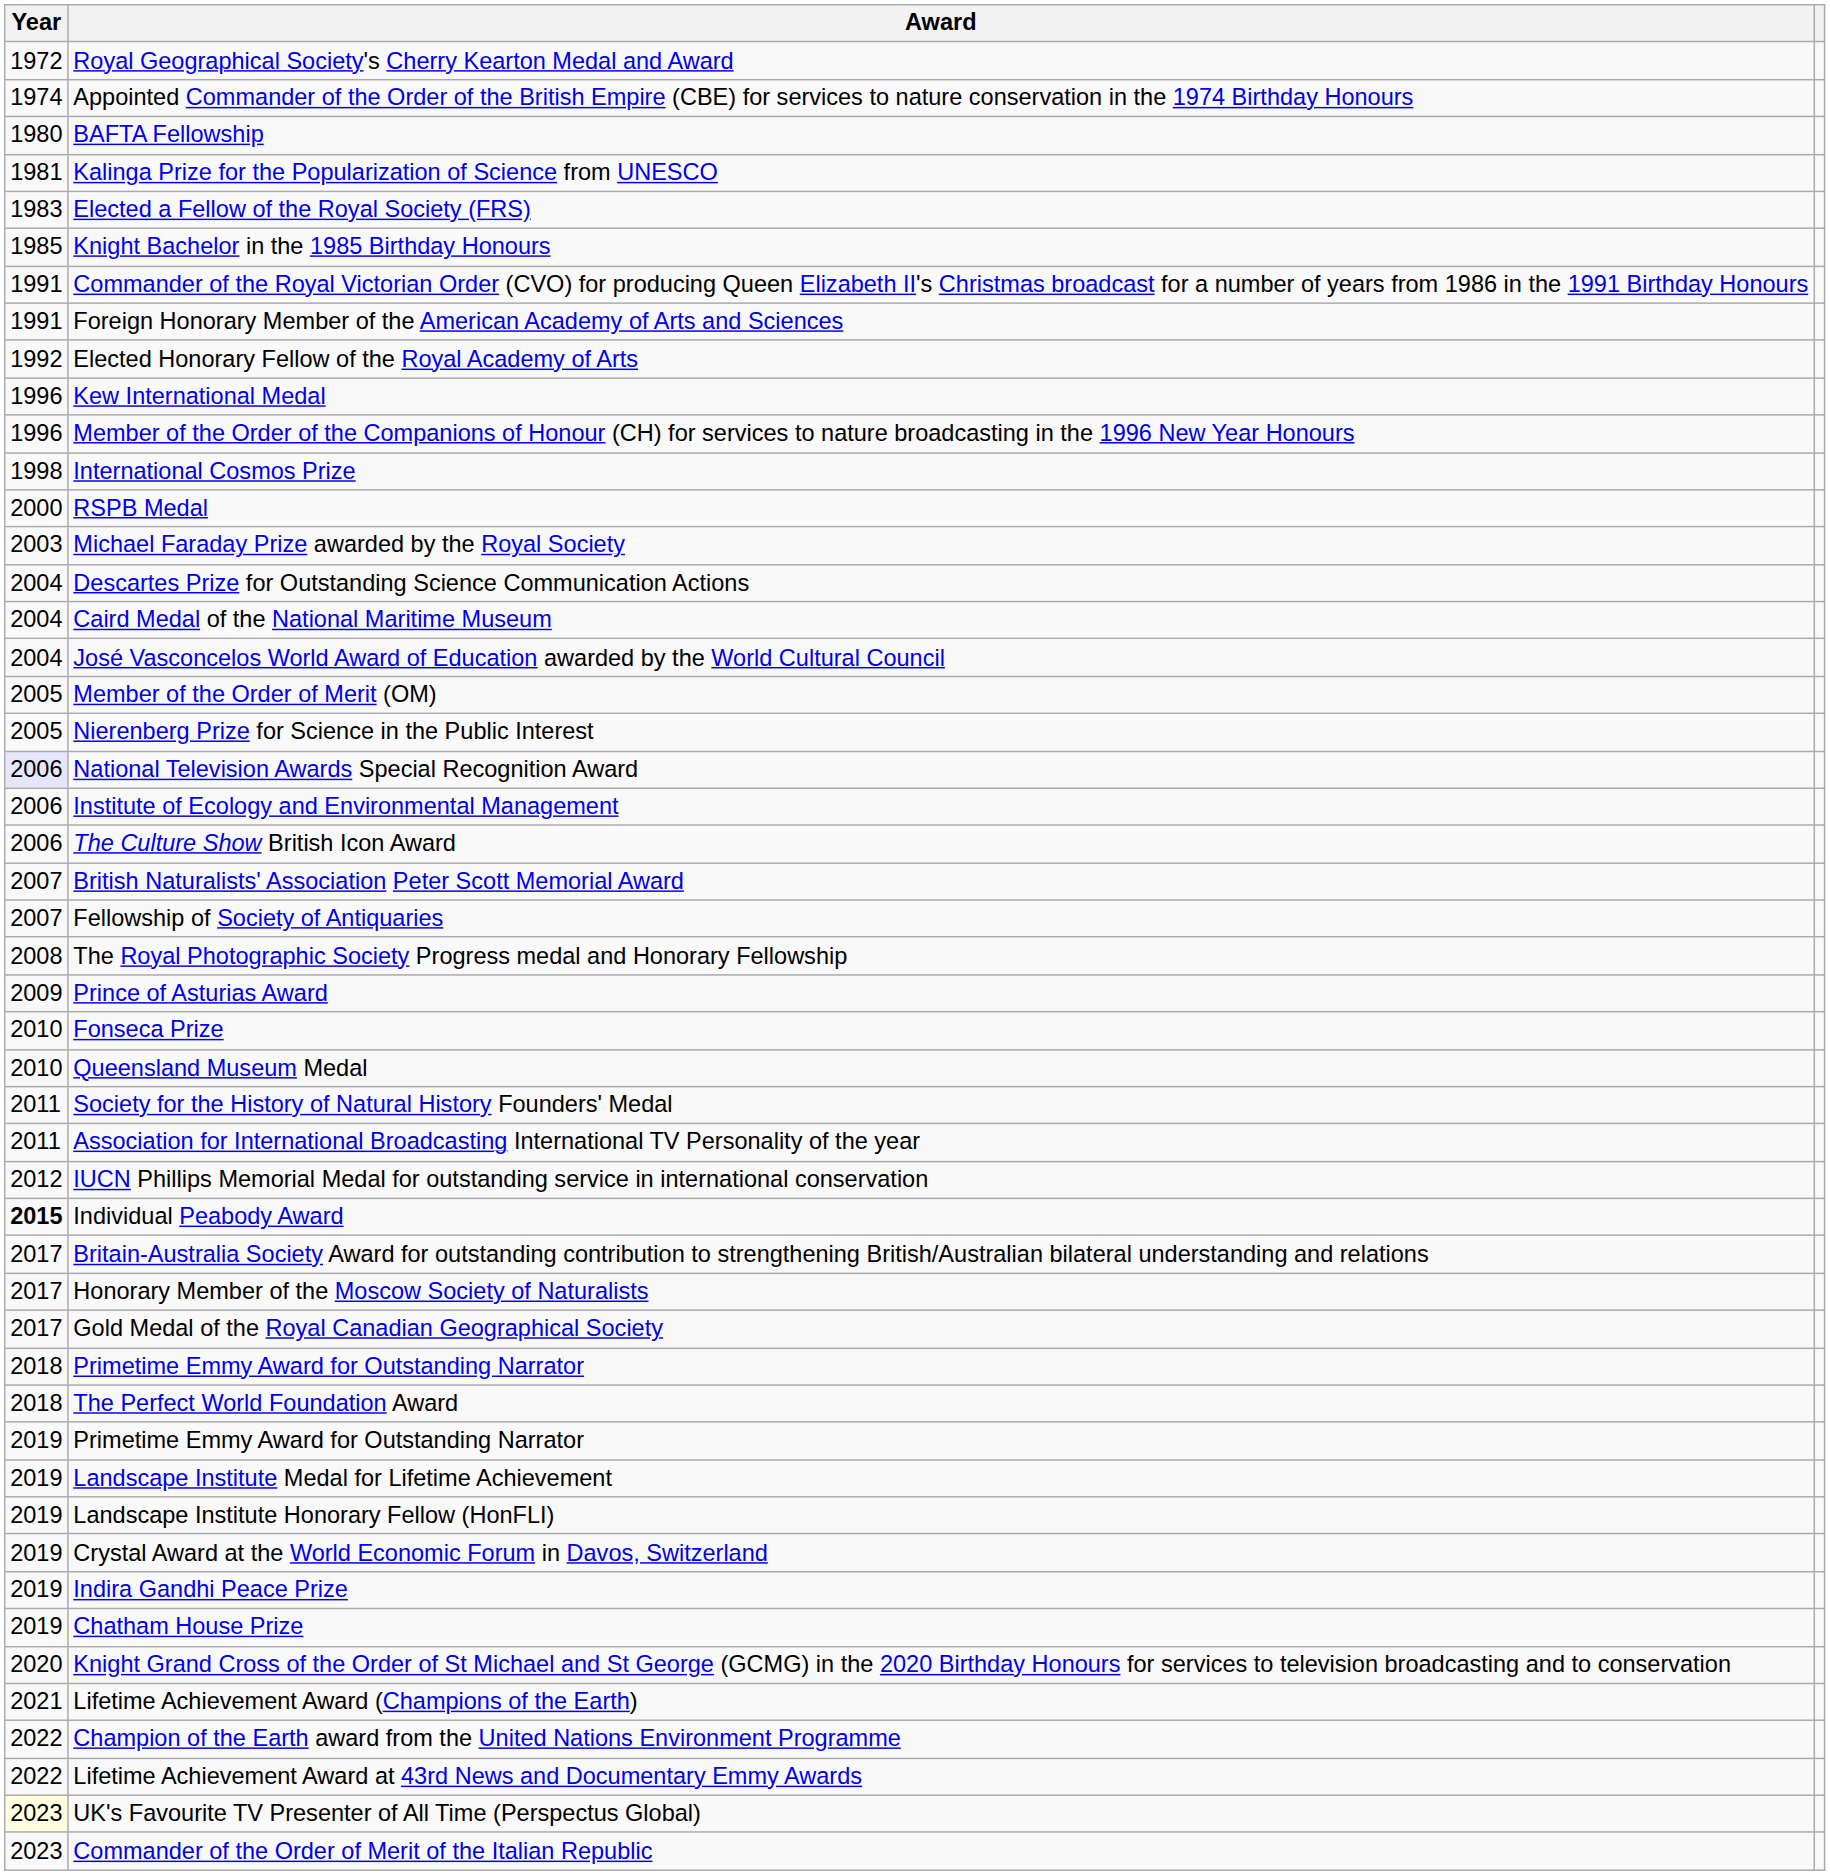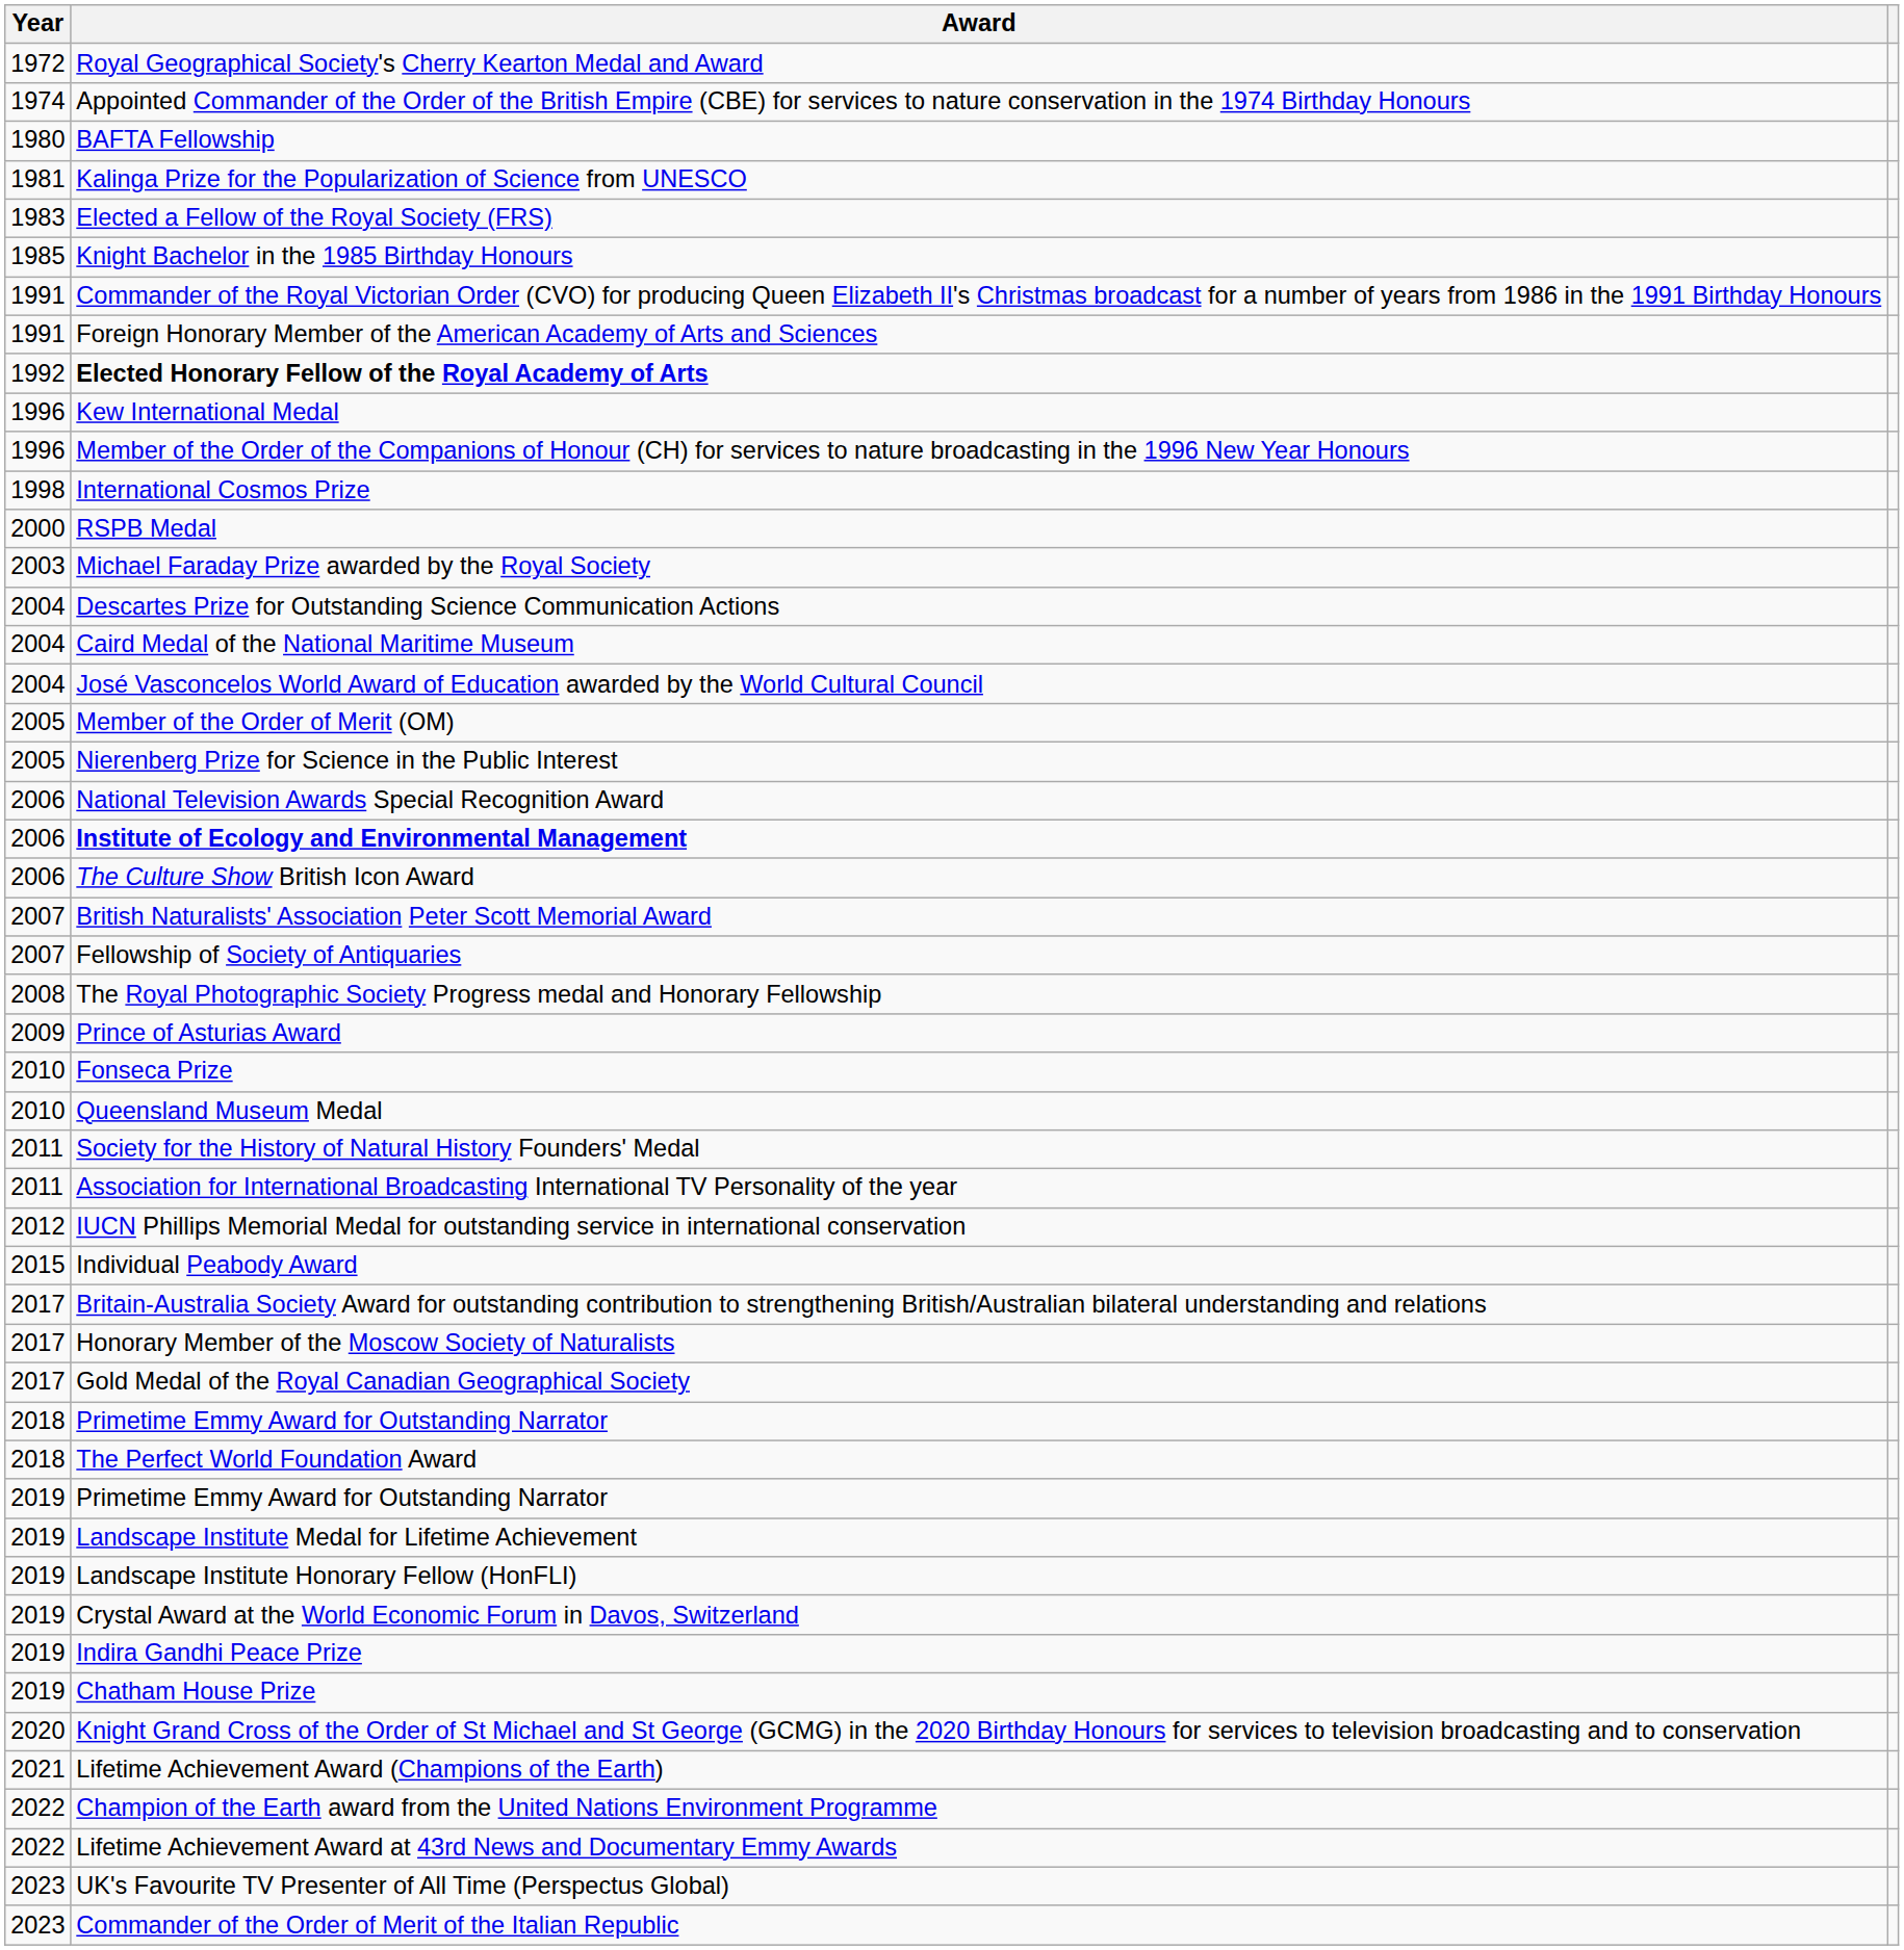 <table class="sortable wikitable">
 <tr>
 <th scope="col">Year</th>
 <th scope="col">Award</th>
 <th scope="col" class="unsortable"></th>
 </tr>
 <tr>
 <td>1972</td>
 <td><a href='#'>Royal Geographical Society</a>'s <a href='#'>Cherry Kearton Medal and Award</a></td>
 <td></td>
 </tr>
 <tr>
 <td>1974</td>
 <td>Appointed <a href='#'>Commander of the Order of the British Empire</a> (CBE) for services to nature conservation in the <a href='#'>1974 Birthday Honours</a></td>
 <td></td>
 </tr>
 <tr>
 <td>1980</td>
 <td><a href='#'>BAFTA Fellowship</a></td>
 <td></td>
 </tr>
 <tr>
 <td>1981</td>
 <td><a href='#'>Kalinga Prize for the Popularization of Science</a> from <a href='#'>UNESCO</a></td>
 <td></td>
 </tr>
 <tr>
 <td>1983</td>
 <td><a href='#'>Elected a Fellow of the Royal Society (FRS)</a></td>
 <td></td>
 </tr>
 <tr>
 <td>1985</td>
 <td><a href='#'>Knight Bachelor</a> in the <a href='#'>1985 Birthday Honours</a></td>
 <td></td>
 </tr>
 <tr>
 <td>1991</td>
 <td><a href='#'>Commander of the Royal Victorian Order</a> (CVO) for producing Queen <a href='#'>Elizabeth II</a>'s <a href='#'>Christmas broadcast</a> for a number of years from 1986 in the <a href='#'>1991 Birthday Honours</a></td>
 <td></td>
 </tr>
 <tr>
 <td>1991</td>
 <td>Foreign Honorary Member of the <a href='#'>American Academy of Arts and Sciences</a></td>
 <td></td>
 </tr>
 <tr>
 <td>1992</td>
-<td>Elected Honorary Fellow of the <a href='#'>Royal Academy of Arts</a></td>
+<td><strong>Elected Honorary Fellow of the <a href='#'>Royal Academy of Arts</a></strong></td>
 <td></td>
 </tr>
 <tr>
 <td>1996</td>
 <td><a href='#'>Kew International Medal</a></td>
 <td></td>
 </tr>
 <tr>
 <td>1996</td>
 <td><a href='#'>Member of the Order of the Companions of Honour</a> (CH) for services to nature broadcasting in the <a href='#'>1996 New Year Honours</a></td>
 <td></td>
 </tr>
 <tr>
 <td>1998</td>
 <td><a href='#'>International Cosmos Prize</a></td>
 <td></td>
 </tr>
 <tr>
 <td>2000</td>
 <td><a href='#'>RSPB Medal</a></td>
 <td></td>
 </tr>
 <tr>
 <td>2003</td>
 <td><a href='#'>Michael Faraday Prize</a> awarded by the <a href='#'>Royal Society</a></td>
 <td></td>
 </tr>
 <tr>
 <td>2004</td>
 <td><a href='#'>Descartes Prize</a> for Outstanding Science Communication Actions</td>
 <td></td>
 </tr>
 <tr>
 <td>2004</td>
 <td><a href='#'>Caird Medal</a> of the <a href='#'>National Maritime Museum</a></td>
 <td></td>
 </tr>
 <tr>
 <td>2004</td>
 <td><a href='#'>José Vasconcelos World Award of Education</a> awarded by the <a href='#'>World Cultural Council</a></td>
 <td></td>
 </tr>
 <tr>
 <td>2005</td>
 <td><a href='#'>Member of the Order of Merit</a> (OM)</td>
 <td></td>
 </tr>
 <tr>
 <td>2005</td>
 <td><a href='#'>Nierenberg Prize</a> for Science in the Public Interest</td>
 <td></td>
 </tr>
 <tr>
-<td style="background: lavender;">2006</td>
+<td>2006</td>
 <td><a href='#'>National Television Awards</a> Special Recognition Award</td>
 <td></td>
 </tr>
 <tr>
 <td>2006</td>
-<td><a href='#'>Institute of Ecology and Environmental Management</a></td>
+<td><strong><a href='#'>Institute of Ecology and Environmental Management</a></strong></td>
 <td></td>
 </tr>
 <tr>
 <td>2006</td>
 <td><em><a href='#'>The Culture Show</a></em> British Icon Award</td>
 <td></td>
 </tr>
 <tr>
 <td>2007</td>
 <td><a href='#'>British Naturalists' Association</a> <a href='#'>Peter Scott Memorial Award</a></td>
 <td></td>
 </tr>
 <tr>
 <td>2007</td>
 <td>Fellowship of <a href='#'>Society of Antiquaries</a></td>
 <td></td>
 </tr>
 <tr>
 <td>2008</td>
 <td>The <a href='#'>Royal Photographic Society</a> Progress medal and Honorary Fellowship</td>
 <td></td>
 </tr>
 <tr>
 <td>2009</td>
 <td><a href='#'>Prince of Asturias Award</a></td>
 <td></td>
 </tr>
 <tr>
 <td>2010</td>
 <td><a href='#'>Fonseca Prize</a></td>
 <td></td>
 </tr>
 <tr>
 <td>2010</td>
 <td><a href='#'>Queensland Museum</a> Medal</td>
 <td></td>
 </tr>
 <tr>
 <td>2011</td>
 <td><a href='#'>Society for the History of Natural History</a> Founders' Medal</td>
 <td></td>
 </tr>
 <tr>
 <td>2011</td>
 <td><a href='#'>Association for International Broadcasting</a> International TV Personality of the year</td>
 <td></td>
 </tr>
 <tr>
 <td>2012</td>
 <td><a href='#'>IUCN</a> Phillips Memorial Medal for outstanding service in international conservation</td>
 <td></td>
 </tr>
 <tr>
-<td><strong>2015</strong></td>
+<td>2015</td>
 <td>Individual <a href='#'>Peabody Award</a></td>
 <td></td>
 </tr>
 <tr>
 <td>2017</td>
 <td><a href='#'>Britain-Australia Society</a> Award for outstanding contribution to strengthening British/Australian bilateral understanding and relations</td>
 <td></td>
 </tr>
 <tr>
 <td>2017</td>
 <td>Honorary Member of the <a href='#'>Moscow Society of Naturalists</a></td>
 <td></td>
 </tr>
 <tr>
 <td>2017</td>
 <td>Gold Medal of the <a href='#'>Royal Canadian Geographical Society</a></td>
 <td></td>
 </tr>
 <tr>
 <td>2018</td>
 <td><a href='#'>Primetime Emmy Award for Outstanding Narrator</a></td>
 <td></td>
 </tr>
 <tr>
 <td>2018</td>
 <td><a href='#'>The Perfect World Foundation</a> Award</td>
 <td></td>
 </tr>
 <tr>
 <td>2019</td>
 <td>Primetime Emmy Award for Outstanding Narrator</td>
 <td></td>
 </tr>
 <tr>
 <td>2019</td>
 <td><a href='#'>Landscape Institute</a> Medal for Lifetime Achievement</td>
 <td></td>
 </tr>
 <tr>
 <td>2019</td>
 <td>Landscape Institute Honorary Fellow (HonFLI)</td>
 <td></td>
 </tr>
 <tr>
 <td>2019</td>
 <td>Crystal Award at the <a href='#'>World Economic Forum</a> in <a href='#'>Davos, Switzerland</a></td>
 <td></td>
 </tr>
 <tr>
 <td>2019</td>
 <td><a href='#'>Indira Gandhi Peace Prize</a></td>
 <td></td>
 </tr>
 <tr>
 <td>2019</td>
 <td><a href='#'>Chatham House Prize</a></td>
 <td></td>
 </tr>
 <tr>
 <td>2020</td>
 <td><a href='#'>Knight Grand Cross of the Order of St Michael and St George</a> (GCMG) in the <a href='#'>2020 Birthday Honours</a> for services to television broadcasting and to conservation</td>
 <td></td>
 </tr>
 <tr>
 <td>2021</td>
 <td>Lifetime Achievement Award (<a href='#'>Champions of the Earth</a>)</td>
 <td></td>
 </tr>
 <tr>
 <td>2022</td>
 <td><a href='#'>Champion of the Earth</a> award from the <a href='#'>United Nations Environment Programme</a></td>
 <td></td>
 </tr>
 <tr>
 <td>2022</td>
 <td>Lifetime Achievement Award at <a href='#'>43rd News and Documentary Emmy Awards</a></td>
 <td></td>
 </tr>
 <tr>
-<td style="background: lightyellow;">2023</td>
+<td>2023</td>
 <td>UK's Favourite TV Presenter of All Time (Perspectus Global)</td>
 <td></td>
 </tr>
 <tr>
 <td>2023</td>
 <td><a href='#'>Commander of the Order of Merit of the Italian Republic</a></td>
 <td></td>
 </tr>
 </table>
